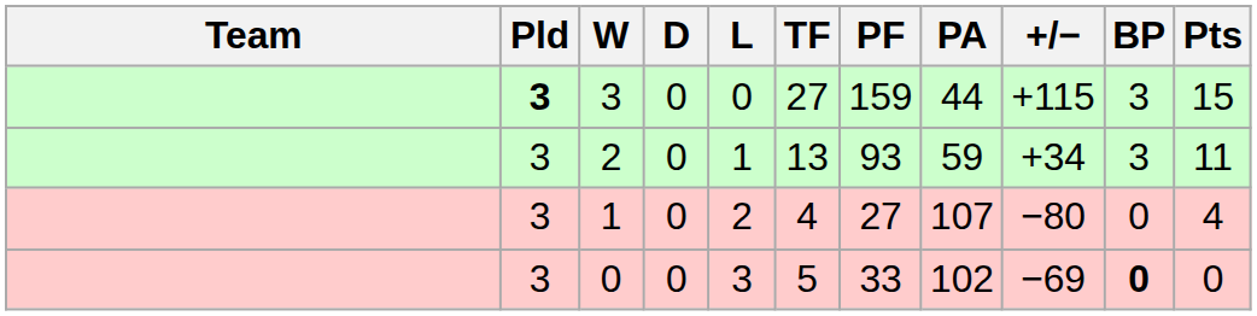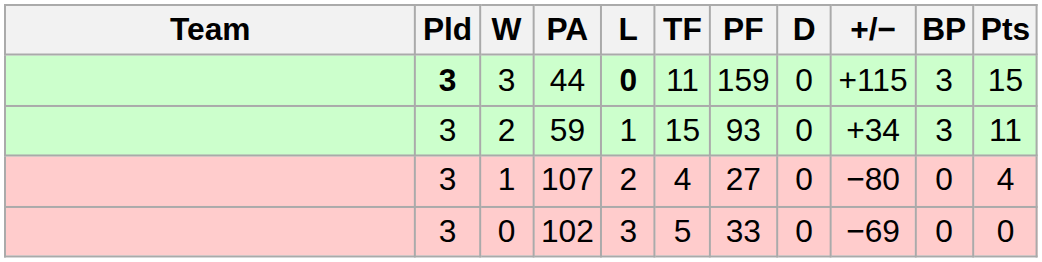 <table class="wikitable" style="text-align:center">
 <tr>
 <th width="200">Team</th>
 <th width="20">Pld</th>
 <th width="20">W</th>
-<th width="20">D</th>
+<th width="20">PA</th>
 <th width="20">L</th>
 <th width="20">TF</th>
 <th width="20">PF</th>
-<th width="20">PA</th>
+<th width="20">D</th>
 <th width="25">+/−</th>
 <th width="20">BP</th>
 <th width="20">Pts</th>
 </tr>
 <tr style="background:#cfc;">
 <td align=left></td>
 <td><strong>3</strong></td>
 <td>3</td>
+<td>44</td>
+<td><strong>0</strong></td>
+<td>11</td>
+<td>159</td>
 <td>0</td>
-<td>0</td>
-<td>27</td>
-<td>159</td>
-<td>44</td>
 <td>+115</td>
 <td>3</td>
 <td>15</td>
 </tr>
 <tr style="background:#cfc;">
 <td align=left></td>
 <td>3</td>
 <td>2</td>
+<td>59</td>
+<td>1</td>
+<td>15</td>
+<td>93</td>
 <td>0</td>
-<td>1</td>
-<td>13</td>
-<td>93</td>
-<td>59</td>
 <td>+34</td>
 <td>3</td>
 <td>11</td>
 </tr>
 <tr style="background:#fcc;">
 <td align=left></td>
 <td>3</td>
 <td>1</td>
-<td>0</td>
+<td>107</td>
 <td>2</td>
 <td>4</td>
 <td>27</td>
-<td>107</td>
+<td>0</td>
 <td>−80</td>
 <td>0</td>
 <td>4</td>
 </tr>
 <tr style="background:#fcc;">
 <td align=left></td>
 <td>3</td>
 <td>0</td>
-<td>0</td>
+<td>102</td>
 <td>3</td>
 <td>5</td>
 <td>33</td>
-<td>102</td>
+<td>0</td>
 <td>−69</td>
-<td><strong>0</strong></td>
+<td>0</td>
 <td>0</td>
 </tr>
 </table>
